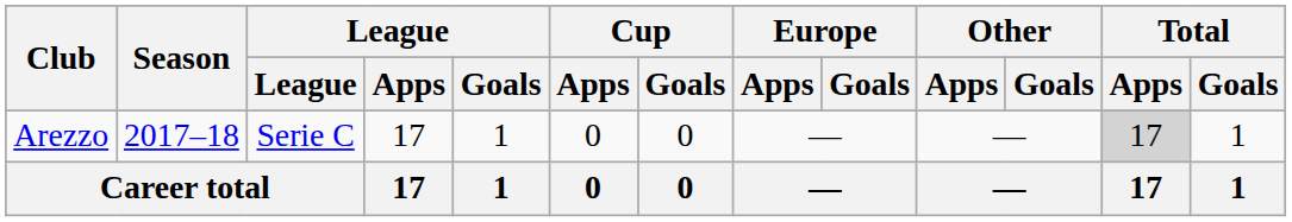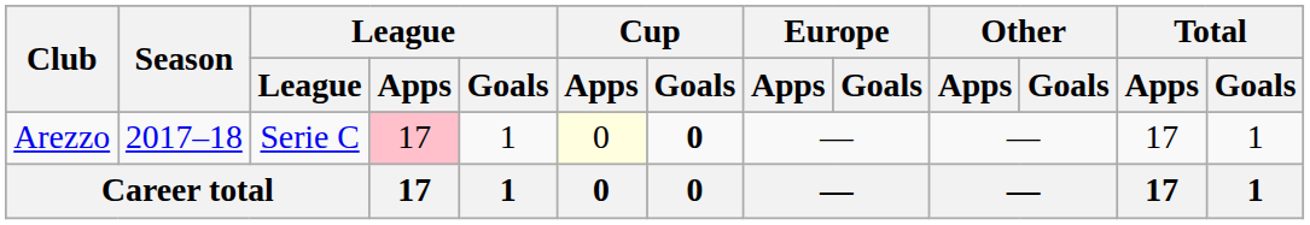 <table class="wikitable" style="text-align: center;">
 <tr>
 <th rowspan="2">Club</th>
 <th rowspan="2">Season</th>
 <th colspan="3">League</th>
 <th colspan="2">Cup</th>
 <th colspan="2">Europe</th>
 <th colspan="2">Other</th>
 <th colspan="2">Total</th>
 </tr>
 <tr>
 <th>League</th>
 <th>Apps</th>
 <th>Goals</th>
 <th>Apps</th>
 <th>Goals</th>
 <th>Apps</th>
 <th>Goals</th>
 <th>Apps</th>
 <th>Goals</th>
 <th>Apps</th>
 <th>Goals</th>
 </tr>
 <tr>
 <td><a href='#'>Arezzo</a></td>
 <td><a href='#'>2017–18</a></td>
 <td><a href='#'>Serie C</a></td>
-<td>17</td>
+<td style="background: pink;">17</td>
 <td>1</td>
-<td>0</td>
-<td>0</td>
+<td style="background: lightyellow;">0</td>
+<td><strong>0</strong></td>
 <td colspan="2">—</td>
 <td colspan="2">—</td>
-<td style="background: lightgrey;">17</td>
+<td>17</td>
 <td>1</td>
 </tr>
 <tr>
 <th colspan="3">Career total</th>
 <th>17</th>
 <th>1</th>
 <th>0</th>
 <th>0</th>
 <th colspan="2">—</th>
 <th colspan="2">—</th>
 <th>17</th>
 <th>1</th>
 </tr>
 </table>
